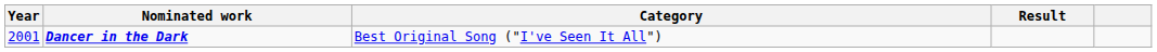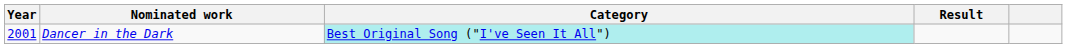 <table class=wikitable width=90%>
 <tr>
 <th width=3%>Year</th>
 <th width=27%>Nominated work</th>
 <th width=56%>Category</th>
 <th width=9%>Result</th>
 <th width=5%></th>
 </tr>
 <tr>
 <td><a href='#'>2001</a></td>
-<td><strong><em><a href='#'>Dancer in the Dark</a></em></strong></td>
-<td><a href='#'>Best Original Song</a> ("<a href='#'>I've Seen It All</a>")</td>
+<td><em><a href='#'>Dancer in the Dark</a></em></td>
+<td style="background: paleturquoise;"><a href='#'>Best Original Song</a> ("<a href='#'>I've Seen It All</a>")</td>
 <td></td>
 <td style="text-align:center;"></td>
 </tr>
 </table>
